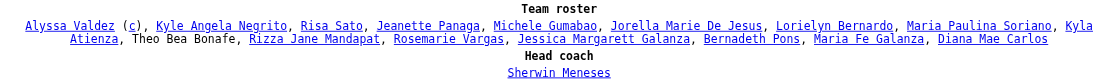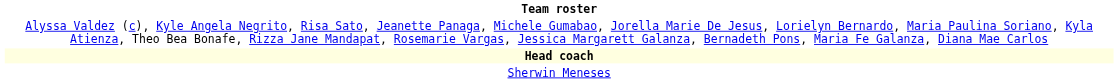 <table style="text-align:center; margin-top:2em; margin-left:auto; margin-right:auto">
 <tr>
 <td><strong>Team roster</strong></td>
 </tr>
 <tr>
 <td><a href='#'>Alyssa Valdez</a> (<a href='#'>c</a>), <a href='#'>Kyle Angela Negrito</a>, <a href='#'>Risa Sato</a>, <a href='#'>Jeanette Panaga</a>, <a href='#'>Michele Gumabao</a>, <a href='#'>Jorella Marie De Jesus</a>, <a href='#'>Lorielyn Bernardo</a>, <a href='#'>Maria Paulina Soriano</a>, <a href='#'>Kyla Atienza</a>, Theo Bea Bonafe, <a href='#'>Rizza Jane Mandapat</a>, <a href='#'>Rosemarie Vargas</a>, <a href='#'>Jessica Margarett Galanza</a>, <a href='#'>Bernadeth Pons</a>, <a href='#'>Maria Fe Galanza</a>, <a href='#'>Diana Mae Carlos</a></td>
 </tr>
 <tr>
-<td><strong>Head coach</strong></td>
+<td style="background: lightyellow;"><strong>Head coach</strong></td>
 </tr>
 <tr>
 <td><a href='#'>Sherwin Meneses</a></td>
 </tr>
 </table>
